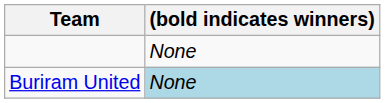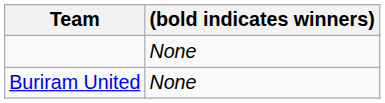 <table class="wikitable">
 <tr>
 <th>Team</th>
 <th> (bold indicates winners)</th>
 </tr>
 <tr>
 <td></td>
 <td><em>None</em></td>
 </tr>
 <tr>
 <td> <a href='#'>Buriram United</a></td>
-<td style="background: lightblue;"><em>None</em></td>
+<td><em>None</em></td>
 </tr>
 </table>
